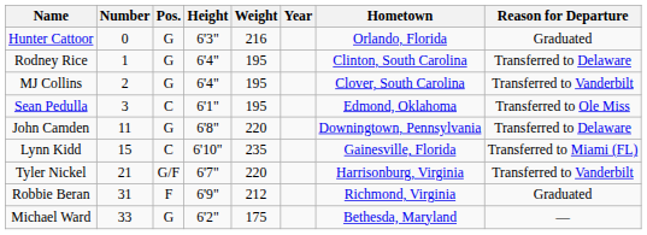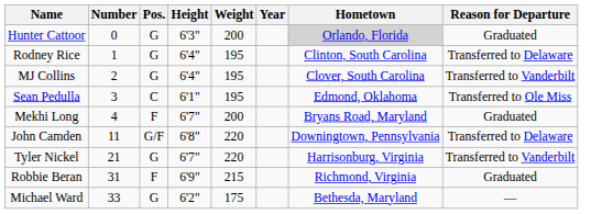 <table class="wikitable sortable" style="text-align:center;">
 <tr align=center>
 <th>Name</th>
 <th>Number</th>
 <th>Pos.</th>
 <th>Height</th>
 <th>Weight</th>
 <th>Year</th>
 <th>Hometown</th>
 <th>Reason for Departure</th>
 </tr>
 <tr>
 <td><a href='#'>Hunter Cattoor</a></td>
 <td>0</td>
 <td>G</td>
 <td>6'3"</td>
-<td>216</td>
+<td>200</td>
 <td></td>
-<td><a href='#'>Orlando, Florida</a></td>
+<td style="background: lightgrey;"><a href='#'>Orlando, Florida</a></td>
 <td>Graduated</td>
 </tr>
 <tr>
 <td>Rodney Rice</td>
 <td>1</td>
 <td>G</td>
 <td>6'4"</td>
 <td>195</td>
 <td></td>
 <td><a href='#'>Clinton, South Carolina</a></td>
 <td>Transferred to <a href='#'>Delaware</a></td>
 </tr>
 <tr>
 <td>MJ Collins</td>
 <td>2</td>
 <td>G</td>
 <td>6'4"</td>
 <td>195</td>
 <td></td>
 <td><a href='#'>Clover, South Carolina</a></td>
 <td>Transferred to <a href='#'>Vanderbilt</a></td>
 </tr>
 <tr>
 <td><a href='#'>Sean Pedulla</a></td>
 <td>3</td>
 <td>C</td>
 <td>6'1"</td>
 <td>195</td>
 <td></td>
 <td><a href='#'>Edmond, Oklahoma</a></td>
 <td>Transferred to <a href='#'>Ole Miss</a></td>
 </tr>
 <tr>
+<td>Mekhi Long</td>
+<td>4</td>
+<td>F</td>
+<td>6'7"</td>
+<td>200</td>
+<td></td>
+<td><a href='#'>Bryans Road, Maryland</a></td>
+<td>Graduated</td>
+</tr>
+<tr>
 <td>John Camden</td>
 <td>11</td>
-<td>G</td>
+<td>G/F</td>
 <td>6'8"</td>
 <td>220</td>
 <td></td>
 <td><a href='#'>Downingtown, Pennsylvania</a></td>
 <td>Transferred to <a href='#'>Delaware</a></td>
 </tr>
 <tr>
-<td>Lynn Kidd</td>
-<td>15</td>
-<td>C</td>
-<td>6'10"</td>
-<td>235</td>
-<td></td>
-<td><a href='#'>Gainesville, Florida</a></td>
-<td>Transferred to <a href='#'>Miami (FL)</a></td>
-</tr>
-<tr>
 <td>Tyler Nickel</td>
 <td>21</td>
-<td>G/F</td>
+<td>G</td>
 <td>6'7"</td>
 <td>220</td>
 <td></td>
 <td><a href='#'>Harrisonburg, Virginia</a></td>
 <td>Transferred to <a href='#'>Vanderbilt</a></td>
 </tr>
 <tr>
 <td>Robbie Beran</td>
 <td>31</td>
 <td>F</td>
 <td>6'9"</td>
-<td>212</td>
+<td>215</td>
 <td></td>
 <td><a href='#'>Richmond, Virginia</a></td>
 <td>Graduated</td>
 </tr>
 <tr>
 <td>Michael Ward</td>
 <td>33</td>
 <td>G</td>
 <td>6'2"</td>
 <td>175</td>
 <td></td>
 <td><a href='#'>Bethesda, Maryland</a></td>
 <td>—</td>
 </tr>
 </table>
